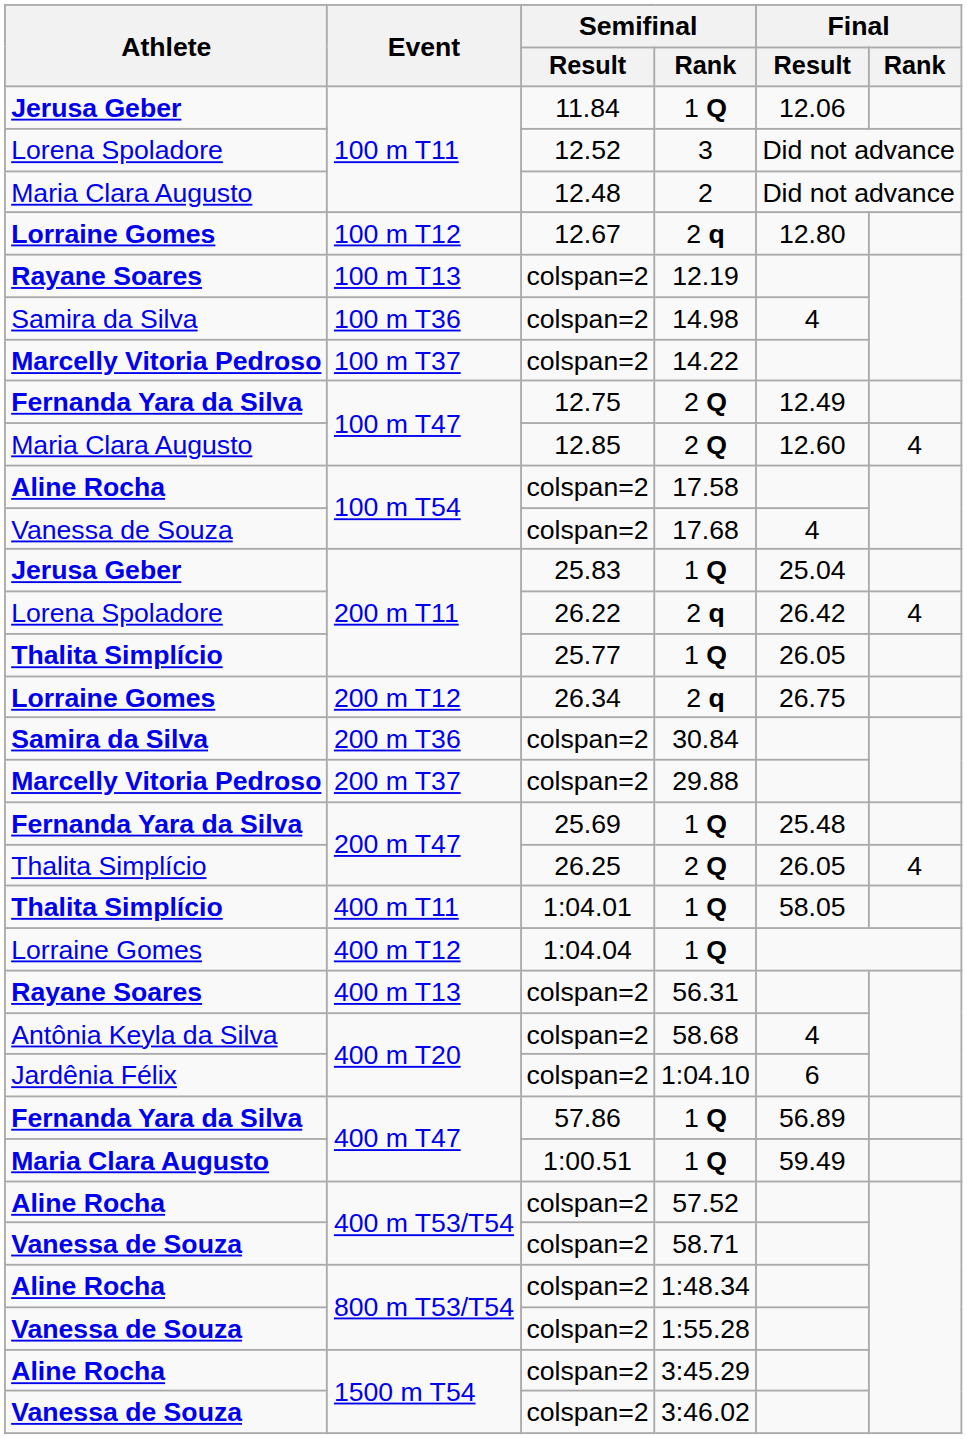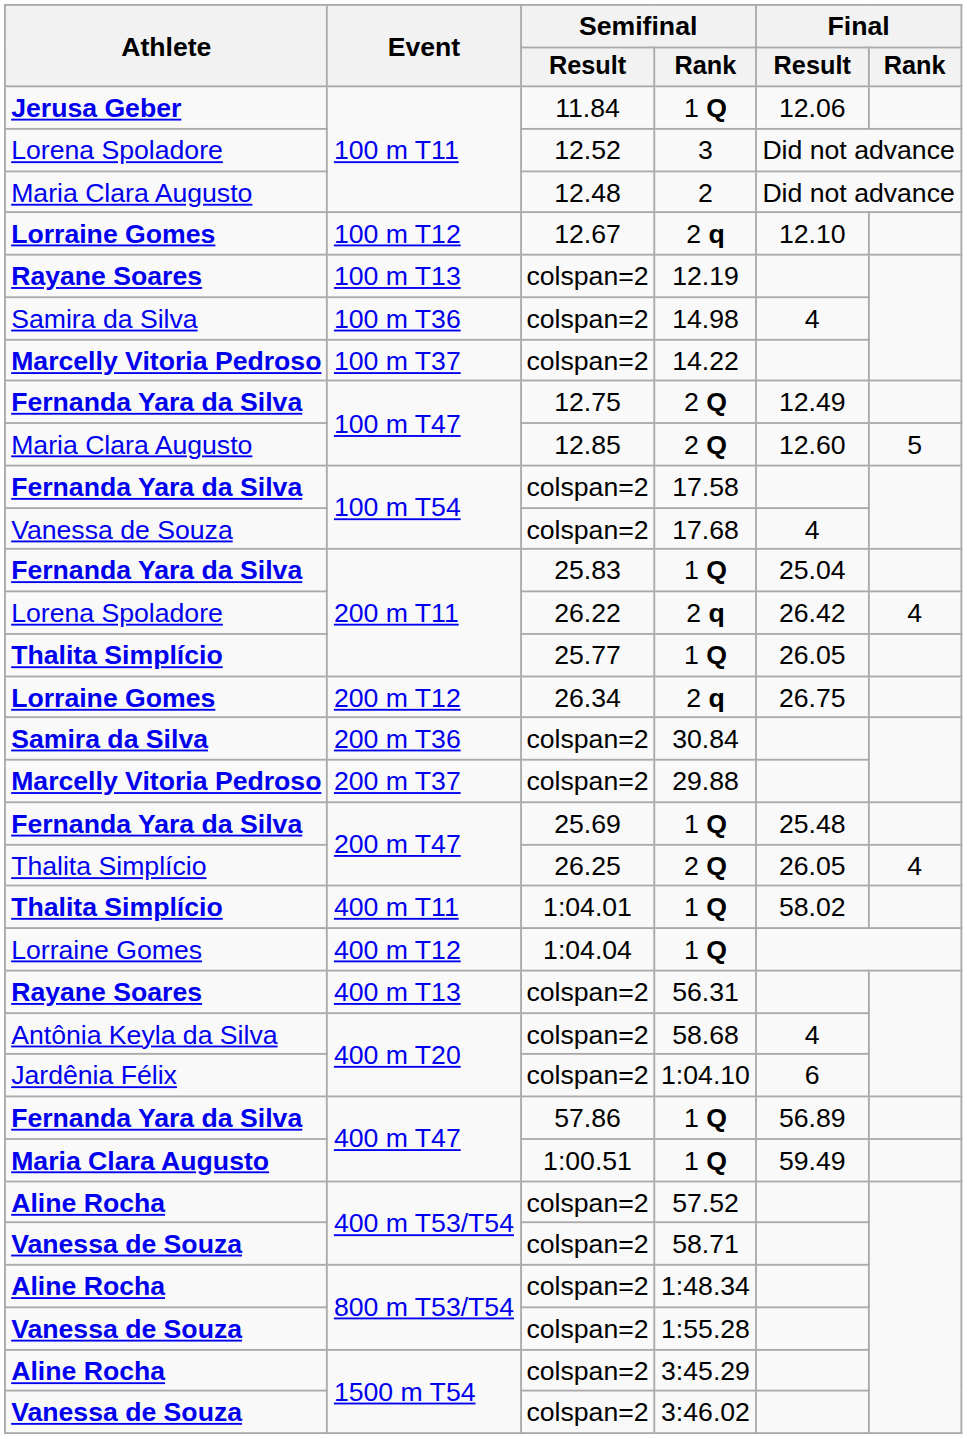 <table class="wikitable" style="font-size:90%">
 <tr>
 <th rowspan="2">Athlete</th>
 <th rowspan="2">Event</th>
 <th colspan="2">Semifinal</th>
 <th colspan="2">Final</th>
 </tr>
 <tr style="font-size:95%">
 <th>Result</th>
 <th>Rank</th>
 <th>Result</th>
 <th>Rank</th>
 </tr>
 <tr align=center>
 <td align=left><strong><a href='#'>Jerusa Geber</a></strong></td>
 <td align=left rowspan=3><a href='#'>100 m T11</a></td>
 <td>11.84</td>
 <td>1 <strong>Q</strong></td>
 <td>12.06</td>
 <td></td>
 </tr>
 <tr align=center>
 <td align=left><a href='#'>Lorena Spoladore</a></td>
 <td>12.52</td>
 <td>3</td>
 <td colspan=2>Did not advance</td>
 </tr>
 <tr align=center>
 <td align=left><a href='#'>Maria Clara Augusto</a></td>
 <td>12.48</td>
 <td>2</td>
 <td colspan=2>Did not advance</td>
 </tr>
 <tr align=center>
 <td align=left><strong><a href='#'>Lorraine Gomes</a></strong></td>
 <td align=left><a href='#'>100 m T12</a></td>
 <td>12.67</td>
 <td>2 <strong>q</strong></td>
-<td>12.80</td>
+<td>12.10</td>
 <td></td>
 </tr>
 <tr align=center>
 <td align=left><strong><a href='#'>Rayane Soares</a></strong></td>
 <td align=left><a href='#'>100 m T13</a></td>
 <td>colspan=2 </td>
 <td>12.19</td>
 <td></td>
 </tr>
 <tr align=center>
 <td align=left><a href='#'>Samira da Silva</a></td>
 <td align=left><a href='#'>100 m T36</a></td>
 <td>colspan=2 </td>
 <td>14.98</td>
 <td>4</td>
 </tr>
 <tr align=center>
 <td align=left><strong><a href='#'>Marcelly Vitoria Pedroso</a></strong></td>
 <td align=left><a href='#'>100 m T37</a></td>
 <td>colspan=2 </td>
 <td>14.22</td>
 <td></td>
 </tr>
 <tr align=center>
 <td align=left><strong><a href='#'>Fernanda Yara da Silva</a></strong></td>
 <td align=left rowspan=2><a href='#'>100 m T47</a></td>
 <td>12.75</td>
 <td>2 <strong>Q</strong></td>
 <td>12.49</td>
 <td></td>
 </tr>
 <tr align=center>
 <td align=left><a href='#'>Maria Clara Augusto</a></td>
 <td>12.85</td>
 <td>2 <strong>Q</strong></td>
 <td>12.60</td>
-<td>4</td>
+<td>5</td>
 </tr>
 <tr align=center>
-<td align=left><strong><a href='#'>Aline Rocha</a></strong></td>
+<td align=left><strong><a href='#'>Fernanda Yara da Silva</a></strong></td>
 <td align=left rowspan=2><a href='#'>100 m T54</a></td>
 <td>colspan=2 </td>
 <td>17.58</td>
 <td></td>
 </tr>
 <tr align=center>
 <td align=left><a href='#'>Vanessa de Souza</a></td>
 <td>colspan=2 </td>
 <td>17.68</td>
 <td>4</td>
 </tr>
 <tr align=center>
-<td align=left><strong><a href='#'>Jerusa Geber</a></strong></td>
+<td align=left><strong><a href='#'>Fernanda Yara da Silva</a></strong></td>
 <td align=left rowspan=3><a href='#'>200 m T11</a></td>
 <td>25.83</td>
 <td>1 <strong>Q</strong></td>
 <td>25.04</td>
 <td></td>
 </tr>
 <tr align=center>
 <td align=left><a href='#'>Lorena Spoladore</a></td>
 <td>26.22</td>
 <td>2 <strong>q</strong></td>
 <td>26.42</td>
 <td>4</td>
 </tr>
 <tr align=center>
 <td align=left><strong><a href='#'>Thalita Simplício</a></strong></td>
 <td>25.77</td>
 <td>1 <strong>Q</strong></td>
 <td>26.05</td>
 <td></td>
 </tr>
 <tr align=center>
 <td align=left><strong><a href='#'>Lorraine Gomes</a></strong></td>
 <td align=left><a href='#'>200 m T12</a></td>
 <td>26.34</td>
 <td>2 <strong>q</strong></td>
 <td>26.75</td>
 <td></td>
 </tr>
 <tr align=center>
 <td align=left><strong><a href='#'>Samira da Silva</a></strong></td>
 <td align=left><a href='#'>200 m T36</a></td>
 <td>colspan=2 </td>
 <td>30.84</td>
 <td></td>
 </tr>
 <tr align=center>
 <td align=left><strong><a href='#'>Marcelly Vitoria Pedroso</a></strong></td>
 <td align=left><a href='#'>200 m T37</a></td>
 <td>colspan=2 </td>
 <td>29.88</td>
 <td></td>
 </tr>
 <tr align=center>
 <td align=left><strong><a href='#'>Fernanda Yara da Silva</a></strong></td>
 <td align=left rowspan=2><a href='#'>200 m T47</a></td>
 <td>25.69</td>
 <td>1 <strong>Q</strong></td>
 <td>25.48</td>
 <td></td>
 </tr>
 <tr align=center>
 <td align=left><a href='#'>Thalita Simplício</a></td>
 <td>26.25</td>
 <td>2 <strong>Q</strong></td>
 <td>26.05</td>
 <td>4</td>
 </tr>
 <tr align=center>
 <td align=left><strong><a href='#'>Thalita Simplício</a></strong></td>
 <td align=left><a href='#'>400 m T11</a></td>
 <td>1:04.01</td>
 <td>1 <strong>Q</strong></td>
-<td>58.05</td>
+<td>58.02</td>
 <td></td>
 </tr>
 <tr align=center>
 <td align=left><a href='#'>Lorraine Gomes</a></td>
 <td align=left><a href='#'>400 m T12</a></td>
 <td>1:04.04</td>
 <td>1 <strong>Q</strong></td>
 <td colspan=2></td>
 </tr>
 <tr align=center>
 <td align=left><strong><a href='#'>Rayane Soares</a></strong></td>
 <td align=left><a href='#'>400 m T13</a></td>
 <td>colspan=2 </td>
 <td>56.31</td>
 <td></td>
 </tr>
 <tr align=center>
 <td align=left><a href='#'>Antônia Keyla da Silva</a></td>
 <td align=left rowspan=2><a href='#'>400 m T20</a></td>
 <td>colspan=2 </td>
 <td>58.68</td>
 <td>4</td>
 </tr>
 <tr align=center>
 <td align=left><a href='#'>Jardênia Félix</a></td>
 <td>colspan=2 </td>
 <td>1:04.10</td>
 <td>6</td>
 </tr>
 <tr align=center>
 <td align=left><strong><a href='#'>Fernanda Yara da Silva</a></strong></td>
 <td align=left rowspan=2><a href='#'>400 m T47</a></td>
 <td>57.86</td>
 <td>1 <strong>Q</strong></td>
 <td>56.89</td>
 <td></td>
 </tr>
 <tr align=center>
 <td align=left><strong><a href='#'>Maria Clara Augusto</a></strong></td>
 <td>1:00.51</td>
 <td>1 <strong>Q</strong></td>
 <td>59.49</td>
 <td></td>
 </tr>
 <tr align=center>
 <td align=left><strong><a href='#'>Aline Rocha</a></strong></td>
 <td align=left rowspan=2><a href='#'>400 m T53/T54</a></td>
 <td>colspan=2 </td>
 <td>57.52</td>
 <td></td>
 </tr>
 <tr align=center>
 <td align=left><strong><a href='#'>Vanessa de Souza</a></strong></td>
 <td>colspan=2 </td>
 <td>58.71</td>
 <td></td>
 </tr>
 <tr align=center>
 <td align=left><strong><a href='#'>Aline Rocha</a></strong></td>
 <td align=left rowspan=2><a href='#'>800 m T53/T54</a></td>
 <td>colspan=2 </td>
 <td>1:48.34</td>
 <td></td>
 </tr>
 <tr align=center>
 <td align=left><strong><a href='#'>Vanessa de Souza</a></strong></td>
 <td>colspan=2 </td>
 <td>1:55.28</td>
 <td></td>
 </tr>
 <tr align=center>
 <td align=left><strong><a href='#'>Aline Rocha</a></strong></td>
 <td align=left rowspan=2><a href='#'>1500 m T54</a></td>
 <td>colspan=2 </td>
 <td>3:45.29</td>
 <td></td>
 </tr>
 <tr align=center>
 <td align=left><strong><a href='#'>Vanessa de Souza</a></strong></td>
 <td>colspan=2 </td>
 <td>3:46.02</td>
 <td></td>
 </tr>
 </table>
